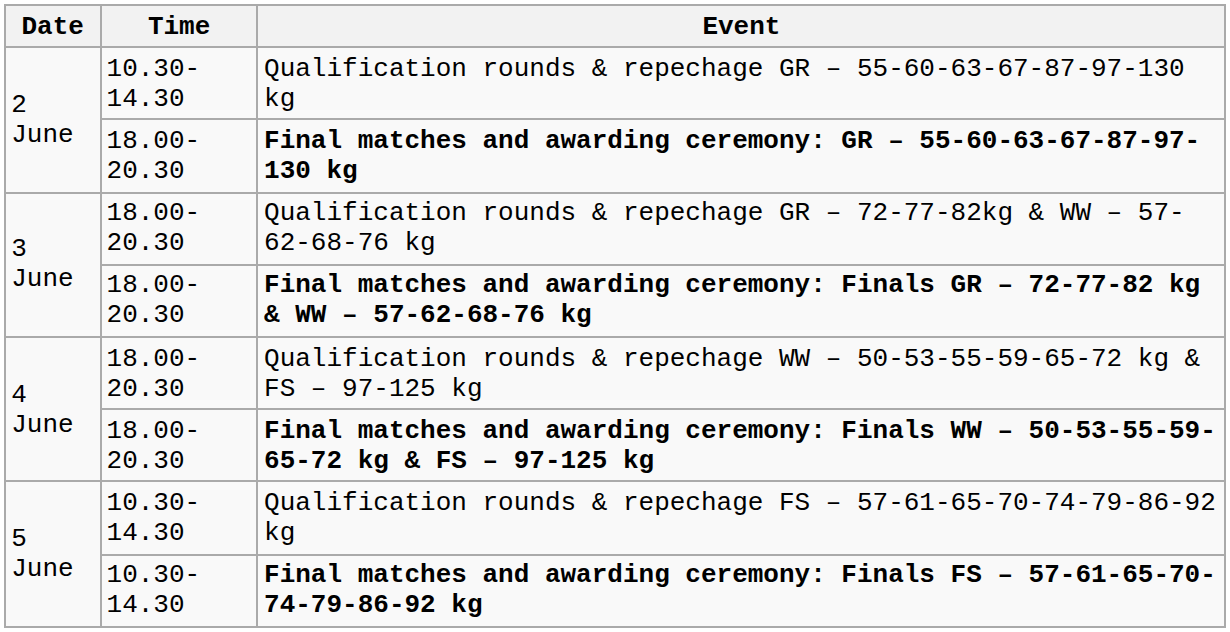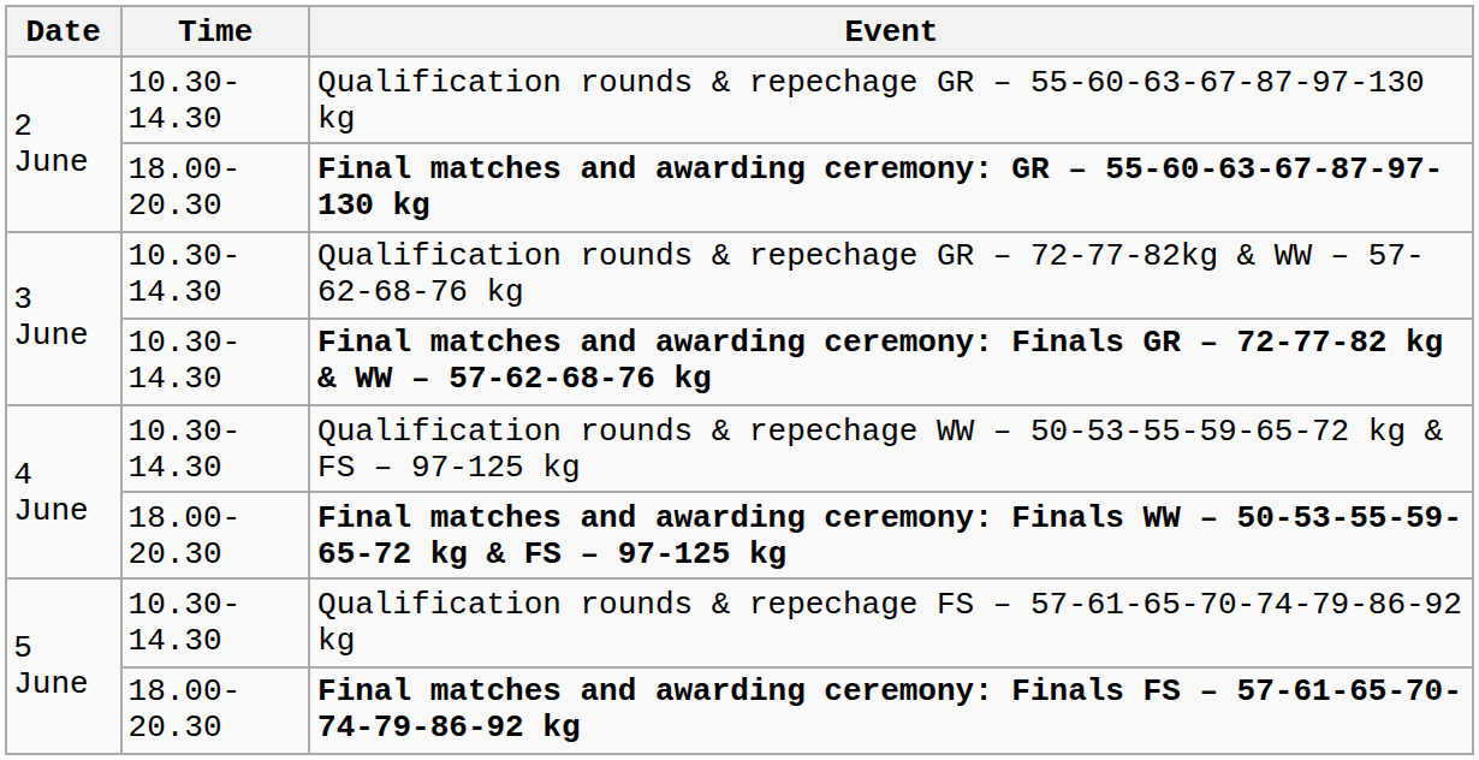 <table class=wikitable>
 <tr>
 <th>Date</th>
 <th>Time</th>
 <th>Event</th>
 </tr>
 <tr>
 <td rowspan="2">2 June</td>
 <td>10.30-14.30</td>
 <td>Qualification rounds & repechage GR – 55-60-63-67-87-97-130 kg</td>
 </tr>
 <tr>
 <td>18.00-20.30</td>
 <td><strong>Final matches and awarding ceremony: GR – 55-60-63-67-87-97-130 kg</strong></td>
 </tr>
 <tr>
 <td rowspan="2">3 June</td>
-<td>18.00-20.30</td>
+<td>10.30-14.30</td>
 <td>Qualification rounds & repechage GR – 72-77-82kg & WW – 57-62-68-76 kg</td>
 </tr>
 <tr>
-<td>18.00-20.30</td>
+<td>10.30-14.30</td>
 <td><strong>Final matches and awarding ceremony: Finals GR – 72-77-82 kg & WW – 57-62-68-76 kg</strong></td>
 </tr>
 <tr>
 <td rowspan="2">4 June</td>
-<td>18.00-20.30</td>
+<td>10.30-14.30</td>
 <td>Qualification rounds & repechage WW – 50-53-55-59-65-72 kg & FS – 97-125 kg</td>
 </tr>
 <tr>
 <td>18.00-20.30</td>
 <td><strong>Final matches and awarding ceremony: Finals WW – 50-53-55-59-65-72 kg & FS – 97-125 kg</strong></td>
 </tr>
 <tr>
 <td rowspan="2">5 June</td>
 <td>10.30-14.30</td>
 <td>Qualification rounds & repechage FS – 57-61-65-70-74-79-86-92 kg</td>
 </tr>
 <tr>
-<td>10.30-14.30</td>
+<td>18.00-20.30</td>
 <td><strong>Final matches and awarding ceremony: Finals FS – 57-61-65-70-74-79-86-92 kg</strong></td>
 </tr>
 <tr>
 </tr>
 </table>
